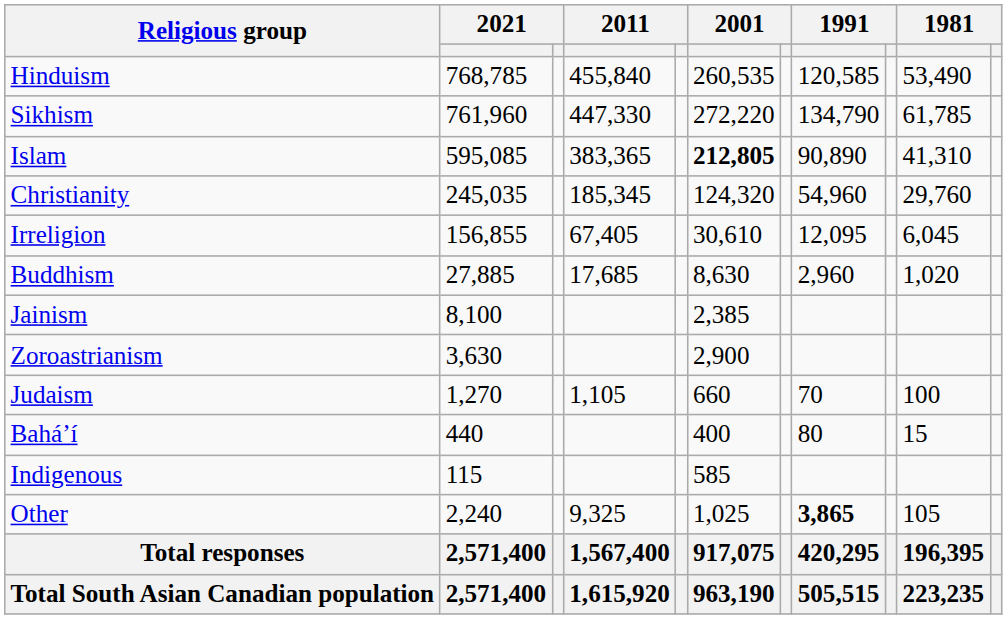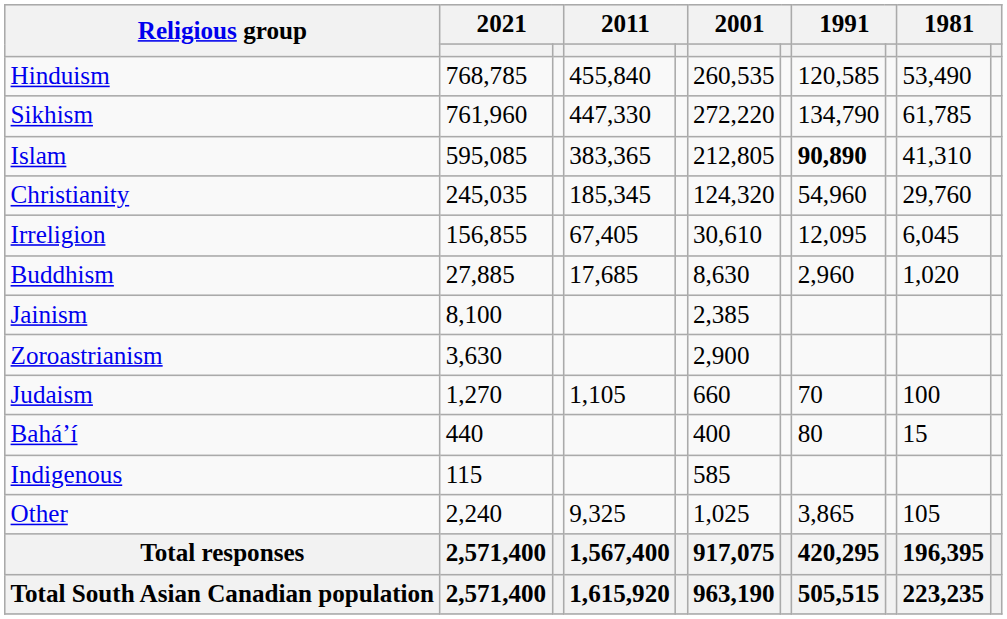 <table class="wikitable collapsible sortable">
 <tr>
 <th rowspan="2"><a href='#'>Religious</a> group</th>
 <th colspan="2">2021</th>
 <th colspan="2">2011</th>
 <th colspan="2">2001</th>
 <th colspan="2">1991</th>
 <th colspan="2">1981</th>
 </tr>
 <tr>
 <th><a href='#'></a></th>
 <th></th>
 <th></th>
 <th></th>
 <th></th>
 <th></th>
 <th></th>
 <th></th>
 <th></th>
 <th></th>
 </tr>
 <tr>
 <td><a href='#'>Hinduism</a></td>
 <td>768,785</td>
 <td></td>
 <td>455,840</td>
 <td></td>
 <td>260,535</td>
 <td></td>
 <td>120,585</td>
 <td></td>
 <td>53,490</td>
 <td></td>
 </tr>
 <tr>
 <td><a href='#'>Sikhism</a></td>
 <td>761,960</td>
 <td></td>
 <td>447,330</td>
 <td></td>
 <td>272,220</td>
 <td></td>
 <td>134,790</td>
 <td></td>
 <td>61,785</td>
 <td></td>
 </tr>
 <tr>
 <td><a href='#'>Islam</a></td>
 <td>595,085</td>
 <td></td>
 <td>383,365</td>
 <td></td>
-<td><strong>212,805</strong></td>
+<td>212,805</td>
 <td></td>
-<td>90,890</td>
+<td><strong>90,890</strong></td>
 <td></td>
 <td>41,310</td>
 <td></td>
 </tr>
 <tr>
 <td><a href='#'>Christianity</a></td>
 <td>245,035</td>
 <td></td>
 <td>185,345</td>
 <td></td>
 <td>124,320</td>
 <td></td>
 <td>54,960</td>
 <td></td>
 <td>29,760</td>
 <td></td>
 </tr>
 <tr>
 <td><a href='#'>Irreligion</a></td>
 <td>156,855</td>
 <td></td>
 <td>67,405</td>
 <td></td>
 <td>30,610</td>
 <td></td>
 <td>12,095</td>
 <td></td>
 <td>6,045</td>
 <td></td>
 </tr>
 <tr>
 <td><a href='#'>Buddhism</a></td>
 <td>27,885</td>
 <td></td>
 <td>17,685</td>
 <td></td>
 <td>8,630</td>
 <td></td>
 <td>2,960</td>
 <td></td>
 <td>1,020</td>
 <td></td>
 </tr>
 <tr>
 <td><a href='#'>Jainism</a></td>
 <td>8,100</td>
 <td></td>
 <td></td>
 <td></td>
 <td>2,385</td>
 <td></td>
 <td></td>
 <td></td>
 <td></td>
 <td></td>
 </tr>
 <tr>
 <td><a href='#'>Zoroastrianism</a></td>
 <td>3,630</td>
 <td></td>
 <td></td>
 <td></td>
 <td>2,900</td>
 <td></td>
 <td></td>
 <td></td>
 <td></td>
 <td></td>
 </tr>
 <tr>
 <td><a href='#'>Judaism</a></td>
 <td>1,270</td>
 <td></td>
 <td>1,105</td>
 <td></td>
 <td>660</td>
 <td></td>
 <td>70</td>
 <td></td>
 <td>100</td>
 <td></td>
 </tr>
 <tr>
 <td><a href='#'>Baháʼí</a></td>
 <td>440</td>
 <td></td>
 <td></td>
 <td></td>
 <td>400</td>
 <td></td>
 <td>80</td>
 <td></td>
 <td>15</td>
 <td></td>
 </tr>
 <tr>
 <td><a href='#'>Indigenous</a></td>
 <td>115</td>
 <td></td>
 <td></td>
 <td></td>
 <td>585</td>
 <td></td>
 <td></td>
 <td></td>
 <td></td>
 <td></td>
 </tr>
 <tr>
 <td><a href='#'>Other</a></td>
 <td>2,240</td>
 <td></td>
 <td>9,325</td>
 <td></td>
 <td>1,025</td>
 <td></td>
-<td><strong>3,865</strong></td>
+<td>3,865</td>
 <td></td>
 <td>105</td>
 <td></td>
 </tr>
 <tr>
 <th>Total responses</th>
 <th>2,571,400</th>
 <th></th>
 <th>1,567,400</th>
 <th></th>
 <th>917,075</th>
 <th></th>
 <th>420,295</th>
 <th></th>
 <th>196,395</th>
 <th></th>
 </tr>
 <tr>
 <th>Total South Asian Canadian population</th>
 <th>2,571,400</th>
 <th></th>
 <th>1,615,920</th>
 <th></th>
 <th>963,190</th>
 <th></th>
 <th>505,515</th>
 <th></th>
 <th>223,235</th>
 <th></th>
 </tr>
 </table>
